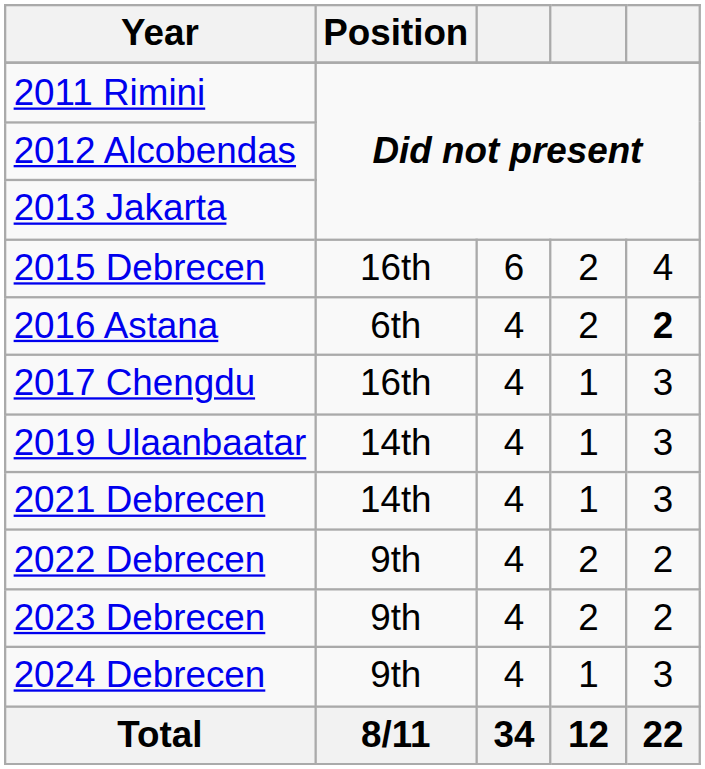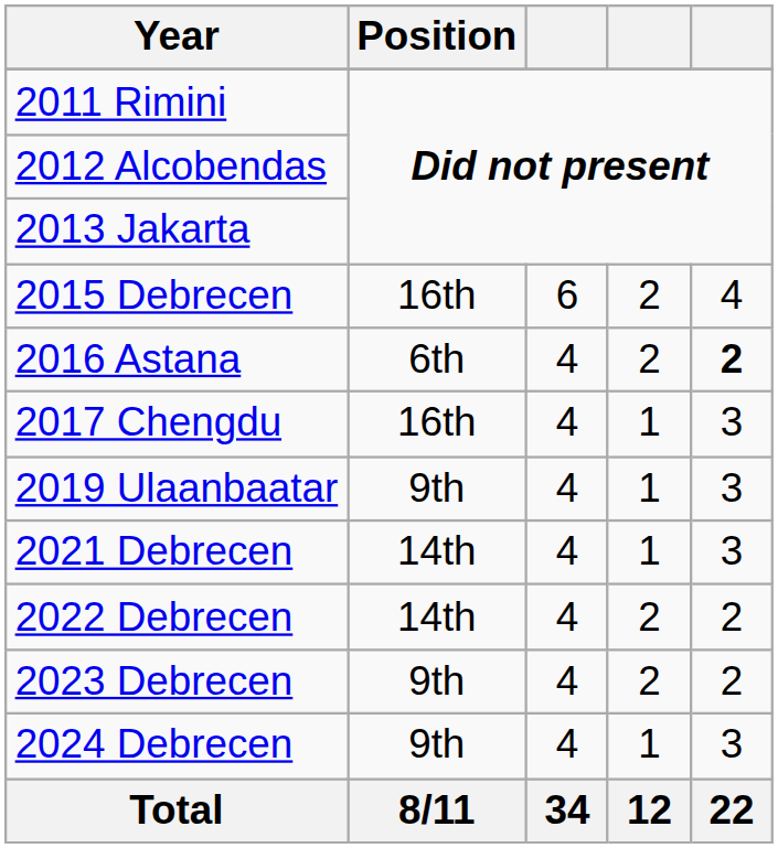 <table class="wikitable" style="text-align: center;">
 <tr>
 <th>Year</th>
 <th>Position</th>
 <th width=25px></th>
 <th width=25px></th>
 <th width=25px></th>
 </tr>
 <tr bgcolor="#FFD700">
 </tr>
 <tr>
 <td style="text-align: left;"> <a href='#'>2011 Rimini</a></td>
 <td rowspan="3" colspan="4" style="text-align:center;"><strong><em>Did not present</em></strong></td>
 </tr>
 <tr>
 <td style="text-align: left;"> <a href='#'>2012 Alcobendas</a></td>
 </tr>
 <tr>
 <td style="text-align: left;"> <a href='#'>2013 Jakarta</a></td>
 </tr>
 <tr>
 <td style="text-align: left;"> <a href='#'>2015 Debrecen</a></td>
 <td>16th</td>
 <td>6</td>
 <td>2</td>
 <td>4</td>
 </tr>
 <tr>
 <td style="text-align: left;"> <a href='#'>2016 Astana</a></td>
 <td>6th</td>
 <td>4</td>
 <td>2</td>
 <td><strong>2</strong></td>
 </tr>
 <tr>
 <td style="text-align: left;"> <a href='#'>2017 Chengdu</a></td>
 <td>16th</td>
 <td>4</td>
 <td>1</td>
 <td>3</td>
 </tr>
 <tr>
 <td style="text-align: left;"> <a href='#'>2019 Ulaanbaatar</a></td>
-<td>14th</td>
+<td>9th</td>
 <td>4</td>
 <td>1</td>
 <td>3</td>
 </tr>
 <tr>
 <td style="text-align: left;"> <a href='#'>2021 Debrecen</a></td>
 <td>14th</td>
 <td>4</td>
 <td>1</td>
 <td>3</td>
 </tr>
 <tr>
 <td style="text-align: left;"> <a href='#'>2022 Debrecen</a></td>
-<td>9th</td>
+<td>14th</td>
 <td>4</td>
 <td>2</td>
 <td>2</td>
 </tr>
 <tr>
 <td style="text-align: left;"> <a href='#'>2023 Debrecen</a></td>
 <td>9th</td>
 <td>4</td>
 <td>2</td>
 <td>2</td>
 </tr>
 <tr>
 <td style="text-align: left;"> <a href='#'>2024 Debrecen</a></td>
 <td>9th</td>
 <td>4</td>
 <td>1</td>
 <td>3</td>
 </tr>
 <tr>
 <th>Total</th>
 <th>8/11</th>
 <th>34</th>
 <th>12</th>
 <th>22</th>
 </tr>
 </table>
